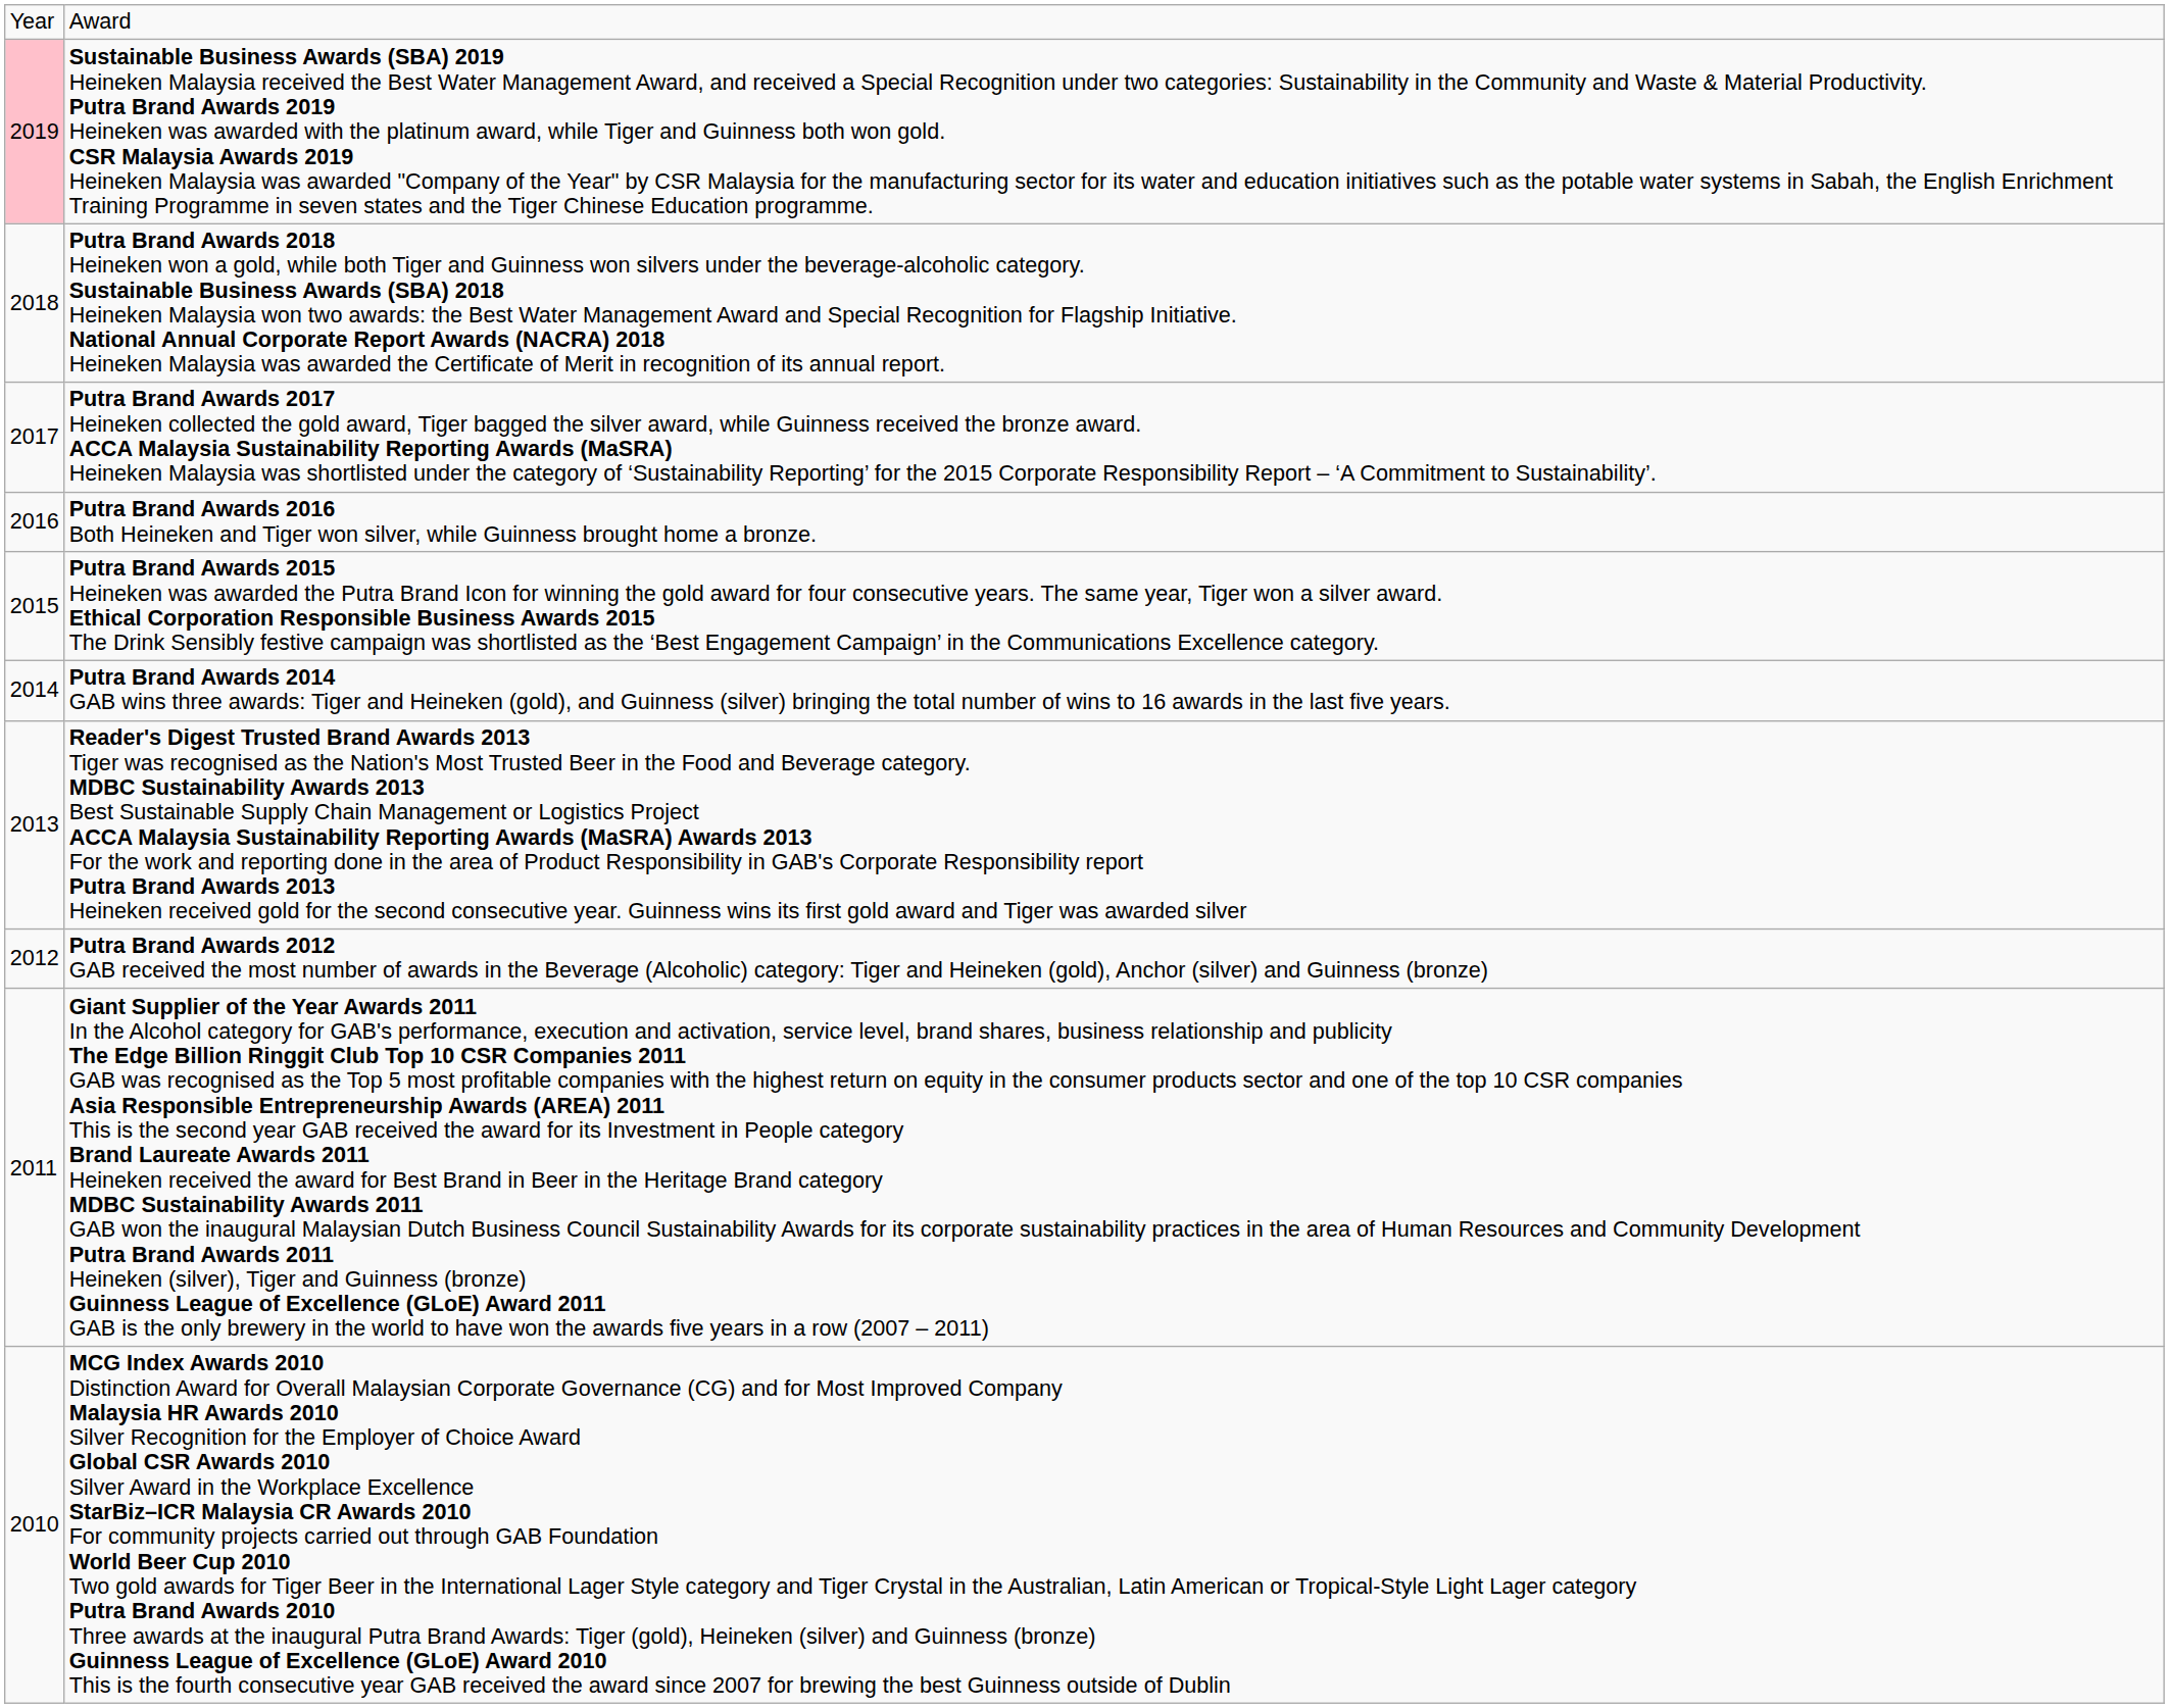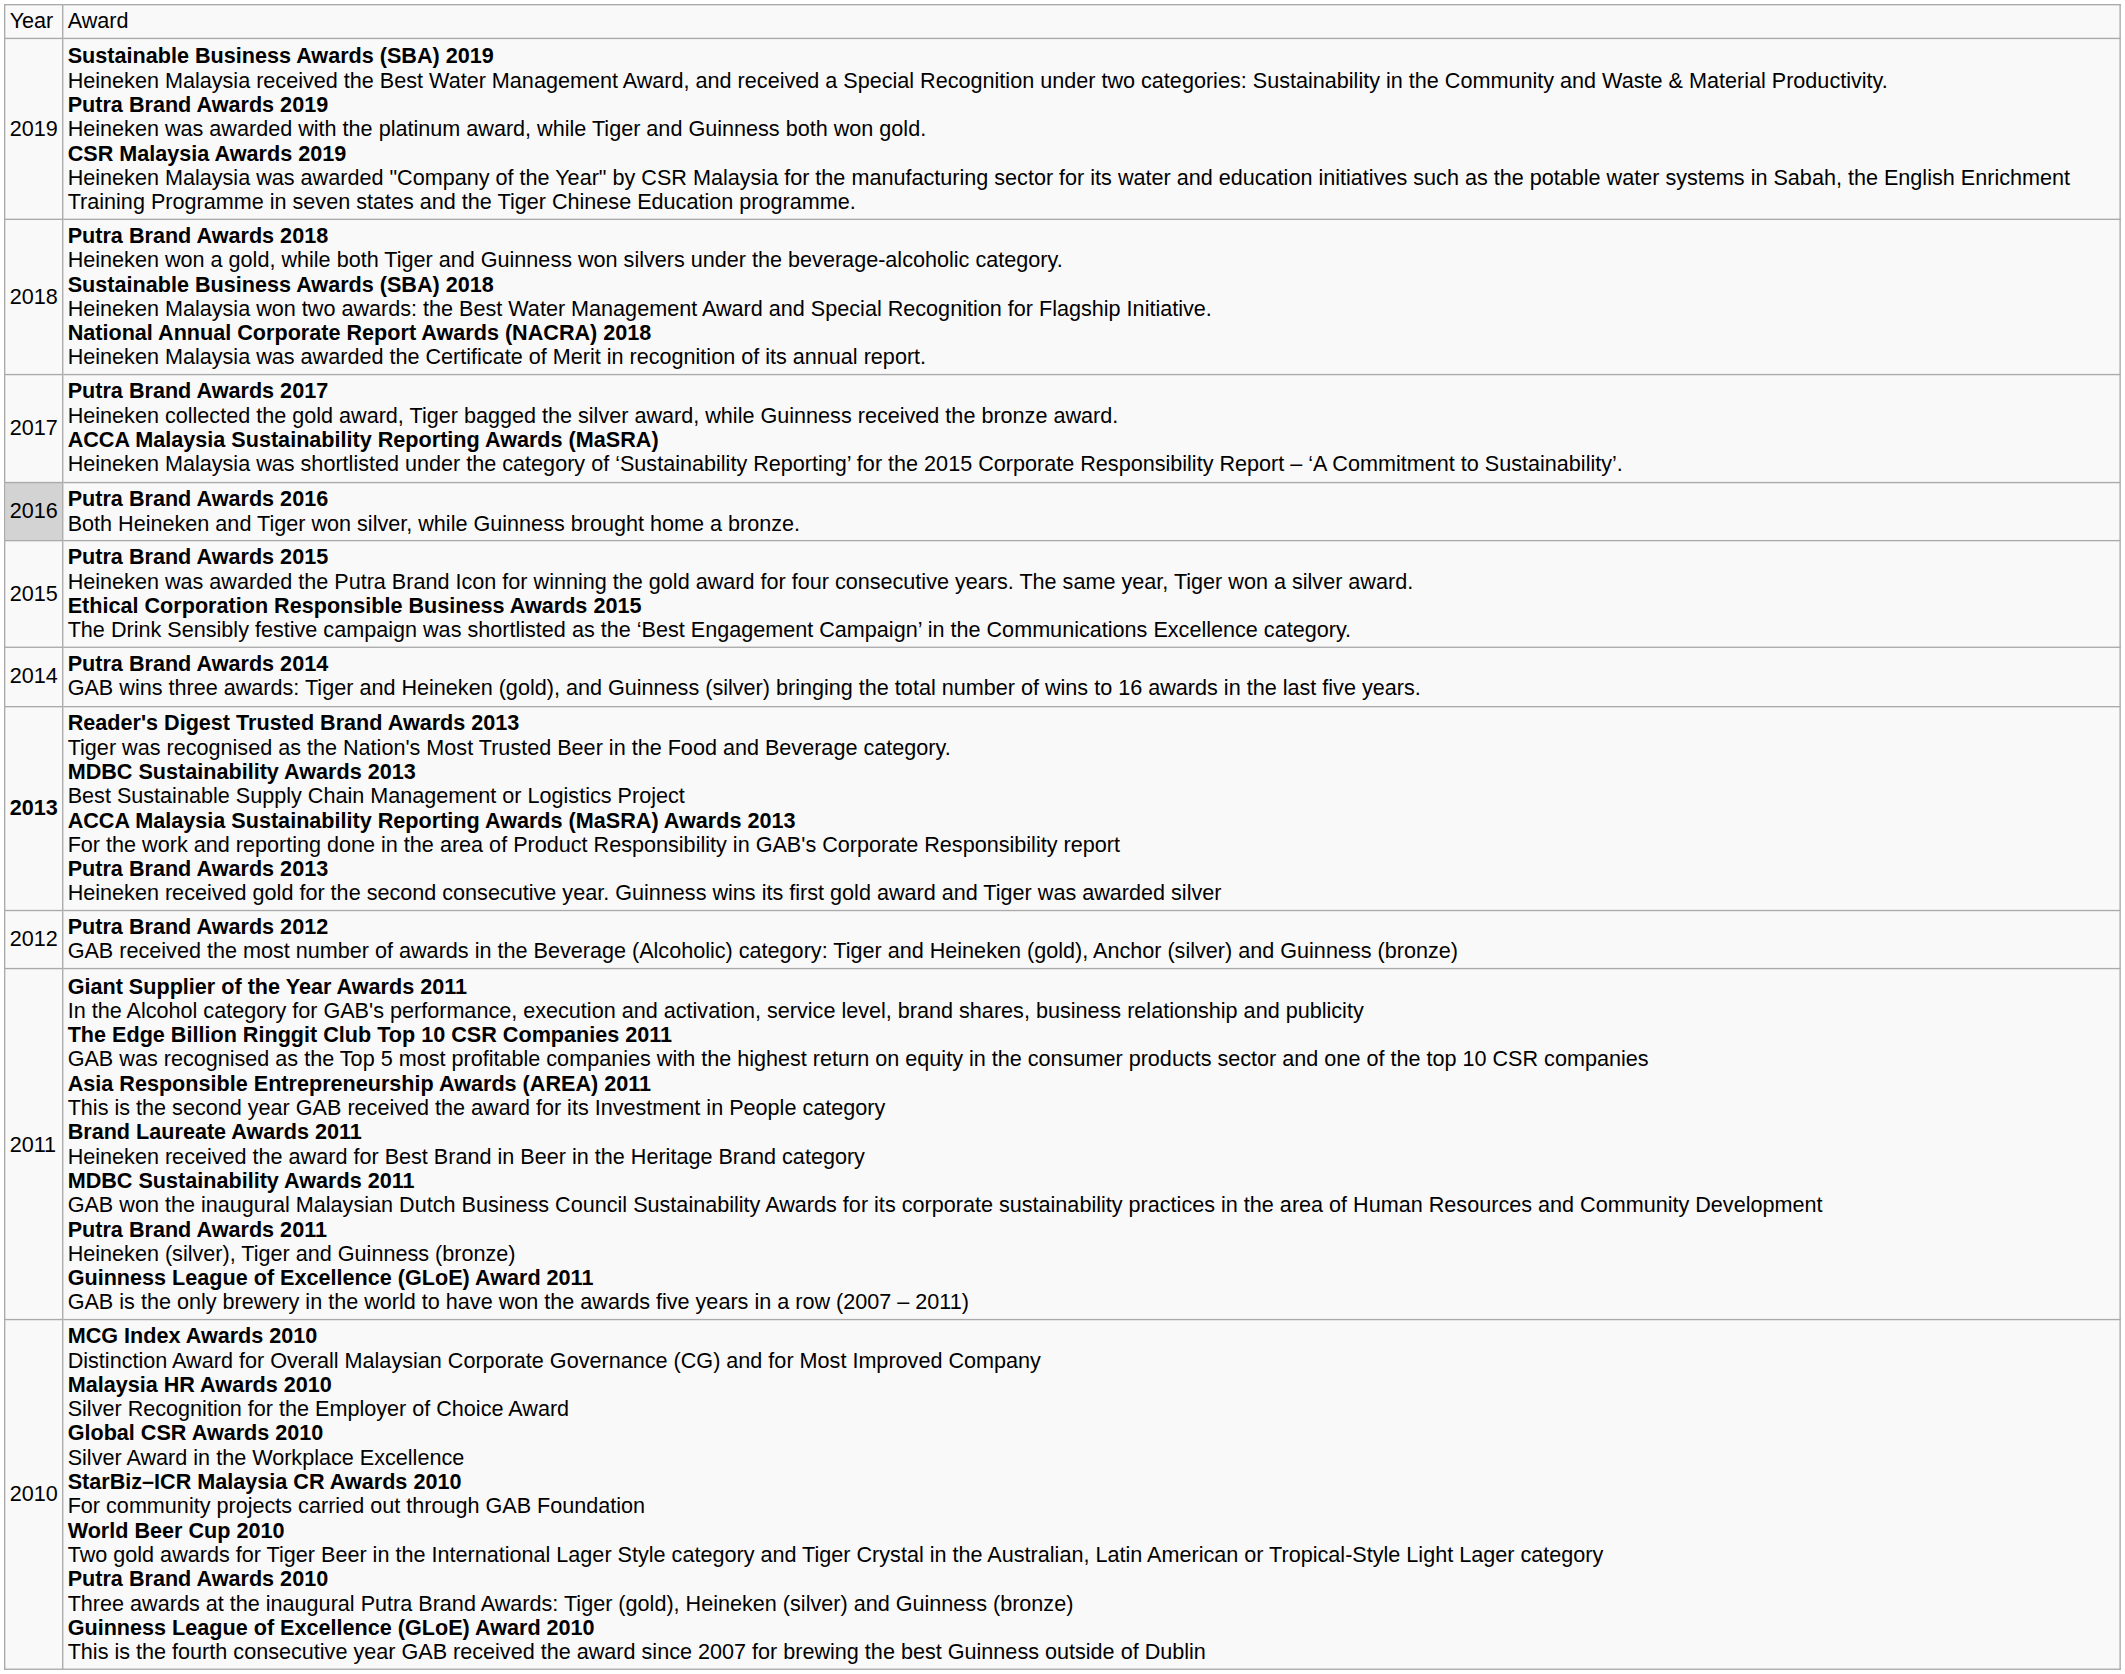 <table class="wikitable">
 <tr>
 <td>Year</td>
 <td>Award</td>
 </tr>
 <tr>
-<td style="background: pink;">2019</td>
+<td>2019</td>
 <td><strong>Sustainable  Business Awards (SBA) 2019</strong><br>Heineken Malaysia received the Best Water Management Award, and received a Special  Recognition under two categories: Sustainability in the Community and Waste  & Material Productivity.<br><strong>Putra Brand Awards 2019</strong><br>Heineken was awarded with the platinum award, while Tiger and Guinness both won gold.<br><strong>CSR Malaysia Awards 2019</strong><br>Heineken Malaysia was awarded "Company of the Year" by CSR Malaysia for the manufacturing sector for its water and education initiatives such as  the potable water systems in Sabah, the English Enrichment Training Programme  in seven states and the Tiger Chinese Education programme.</td>
 </tr>
 <tr>
 <td>2018</td>
 <td><strong>Putra  Brand Awards 2018</strong><br>Heineken won a gold, while both Tiger and Guinness won silvers under the beverage-alcoholic category.<br><strong>Sustainable  Business Awards (SBA) 2018</strong><br>Heineken Malaysia won two awards: the Best Water Management Award and Special Recognition for Flagship Initiative.<br><strong>National Annual Corporate Report Awards (NACRA) 2018</strong><br>Heineken Malaysia was awarded the Certificate of Merit in recognition of its annual report.</td>
 </tr>
 <tr>
 <td>2017</td>
 <td><strong>Putra Brand Awards 2017</strong><br>Heineken collected the gold award, Tiger bagged the silver award, while Guinness received the bronze award.<br><strong>ACCA Malaysia Sustainability Reporting Awards (MaSRA)</strong><br>Heineken Malaysia was shortlisted under the category of ‘Sustainability  Reporting’ for the 2015 Corporate Responsibility Report – ‘A Commitment to  Sustainability’.</td>
 </tr>
 <tr>
-<td>2016</td>
+<td style="background: lightgrey;">2016</td>
 <td><strong>Putra Brand Awards 2016</strong><br>Both Heineken and Tiger won silver, while Guinness brought home a bronze.</td>
 </tr>
 <tr>
 <td>2015</td>
 <td><strong>Putra Brand Awards 2015</strong><br>Heineken was awarded the Putra Brand Icon for winning the gold award for four consecutive years. The same year, Tiger won a silver award.<br><strong>Ethical Corporation Responsible Business Awards 2015</strong><br>The Drink Sensibly festive campaign was shortlisted as the ‘Best Engagement Campaign’ in the Communications Excellence category.</td>
 </tr>
 <tr>
 <td>2014</td>
 <td><strong>Putra Brand Awards 2014</strong><strong> </strong><br>GAB wins three awards: Tiger and Heineken (gold), and Guinness (silver) bringing the total number of wins to 16 awards in the last five years.</td>
 </tr>
 <tr>
-<td>2013</td>
+<td><strong>2013</strong></td>
 <td><strong>Reader's Digest Trusted Brand Awards 2013</strong><br>Tiger was recognised as the Nation's Most Trusted Beer in the Food and Beverage category.<br><strong>MDBC Sustainability Awards 2013</strong><br>Best Sustainable Supply Chain Management or Logistics Project<br><strong>ACCA Malaysia Sustainability  Reporting Awards (MaSRA) Awards 2013</strong><br>For the work and reporting done in the area of Product Responsibility in GAB's Corporate Responsibility report<br><strong>Putra Brand Awards 2013</strong><br>Heineken received gold for the second consecutive year. Guinness wins its first gold award and Tiger was awarded silver</td>
 </tr>
 <tr>
 <td>2012</td>
 <td><strong>Putra Brand Awards 2012</strong><br>GAB received the most number of awards in the Beverage (Alcoholic) category: Tiger and Heineken (gold), Anchor (silver) and Guinness (bronze)</td>
 </tr>
 <tr>
 <td>2011</td>
 <td><strong>Giant  Supplier of the Year Awards 2011</strong><br>In the Alcohol category for GAB's performance, execution and activation, service  level, brand shares, business relationship and publicity<br><strong>The Edge  Billion Ringgit Club Top 10 CSR Companies 2011</strong><br>GAB was recognised as the Top 5 most profitable companies with the highest return  on equity in the consumer products sector and one of the top 10 CSR companies<br><strong>Asia Responsible  Entrepreneurship Awards (AREA) 2011</strong><br>This is the second year GAB received the award for its Investment in People category<br><strong>Brand Laureate Awards 2011</strong><br>Heineken received the award for Best Brand in Beer in the Heritage Brand category<br><strong>MDBC Sustainability Awards 2011</strong><br>GAB won the inaugural Malaysian Dutch Business Council Sustainability Awards for its corporate sustainability practices in the area of Human Resources and  Community Development<br><strong>Putra Brand Awards 2011</strong><br>Heineken (silver), Tiger and Guinness (bronze)<br><strong>Guinness League of Excellence (GLoE) Award 2011</strong><br>GAB is the only brewery in the world to have won the awards five years in a row  (2007 – 2011) <br></td>
 </tr>
 <tr>
 <td>2010</td>
 <td><strong>MCG Index Awards 2010</strong><br>Distinction Award for Overall Malaysian Corporate Governance (CG) and for Most Improved Company<br><strong>Malaysia HR Awards 2010</strong><br>Silver Recognition for the Employer of Choice Award<br><strong>Global CSR Awards 2010</strong><br>Silver Award in the Workplace Excellence<br><strong>StarBiz–ICR Malaysia CR Awards 2010</strong><br>For community projects carried out through GAB Foundation<br><strong>World Beer Cup 2010</strong><br>Two gold awards for Tiger Beer in the International Lager Style category and Tiger Crystal in the Australian, Latin American or Tropical-Style Light Lager category<br><strong>Putra Brand Awards 2010</strong><br>Three awards at the inaugural Putra Brand Awards: Tiger (gold), Heineken (silver) and Guinness (bronze)<br><strong>Guinness League of Excellence (GLoE)  Award 2010</strong><br>This is the fourth consecutive year GAB received the award since 2007 for brewing  the best Guinness outside of Dublin</td>
 </tr>
 </table>
